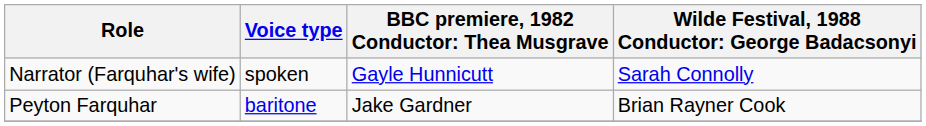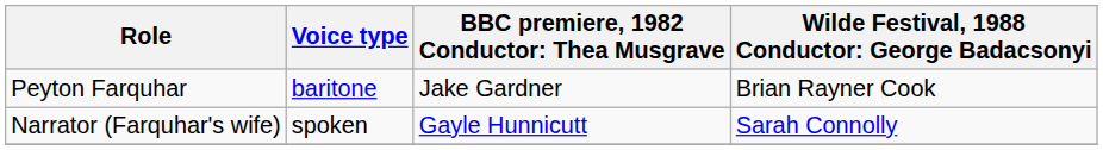 <table class="wikitable">
 <tr>
 <th>Role</th>
 <th><a href='#'>Voice type</a></th>
 <th>BBC premiere, 1982<br>Conductor: Thea Musgrave</th>
 <th>Wilde Festival, 1988<br>Conductor: George Badacsonyi</th>
 </tr>
 <tr>
+<td>Peyton Farquhar</td>
+<td><a href='#'>baritone</a></td>
+<td>Jake Gardner</td>
+<td>Brian Rayner Cook</td>
+</tr>
+<tr>
 <td>Narrator (Farquhar's wife)</td>
 <td>spoken</td>
 <td><a href='#'>Gayle Hunnicutt</a></td>
 <td><a href='#'>Sarah Connolly</a></td>
 </tr>
 <tr>
-<td>Peyton Farquhar</td>
-<td><a href='#'>baritone</a></td>
-<td>Jake Gardner</td>
-<td>Brian Rayner Cook</td>
-</tr>
-<tr>
 </tr>
 </table>
